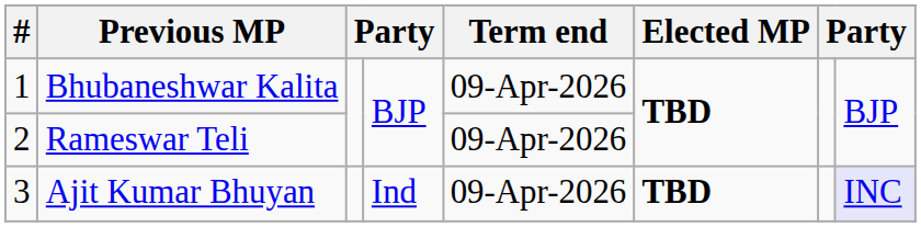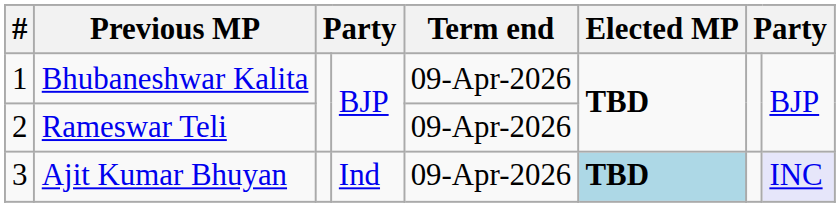 <table class="wikitable sortable">
 <tr>
 <th>#</th>
 <th>Previous MP</th>
 <th colspan="2">Party</th>
 <th>Term end</th>
 <th>Elected MP</th>
 <th colspan="2">Party</th>
 </tr>
 <tr>
 <td>1</td>
 <td><a href='#'>Bhubaneshwar Kalita</a></td>
 <td width="1px" Rowspan=2></td>
 <td Rowspan=2><a href='#'>BJP</a></td>
 <td>09-Apr-2026</td>
 <td rowspan=2><strong>TBD</strong></td>
 <td width="1px" Rowspan=2></td>
 <td Rowspan=2><a href='#'>BJP</a></td>
 </tr>
 <tr>
 <td>2</td>
 <td><a href='#'>Rameswar Teli</a></td>
 <td>09-Apr-2026</td>
 </tr>
 <tr>
 <td>3</td>
 <td><a href='#'>Ajit Kumar Bhuyan</a></td>
 <td width="1px"></td>
 <td><a href='#'>Ind</a></td>
 <td>09-Apr-2026</td>
-<td><strong>TBD</strong></td>
+<td style="background: lightblue;"><strong>TBD</strong></td>
 <td width="1px"></td>
 <td style="background: lavender;"><a href='#'>INC</a></td>
 </tr>
 </table>
